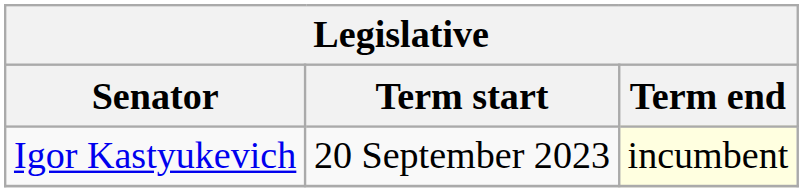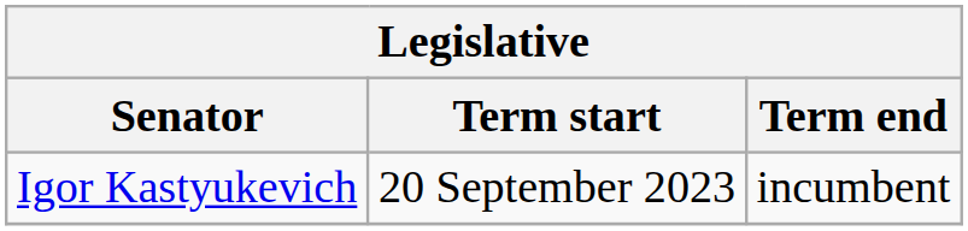 <table class="wikitable sortable">
 <tr>
 <th colspan=3>Legislative</th>
 </tr>
 <tr>
 <th>Senator</th>
 <th>Term start</th>
 <th>Term end</th>
 </tr>
 <tr>
 <td><a href='#'>Igor Kastyukevich</a></td>
 <td>20 September 2023</td>
-<td style="background: lightyellow;">incumbent</td>
+<td>incumbent</td>
 </tr>
 <tr>
 </tr>
 </table>
